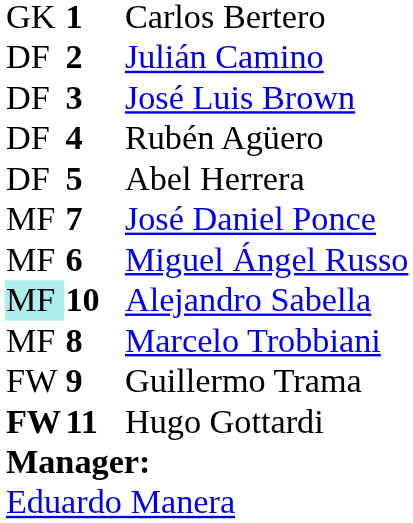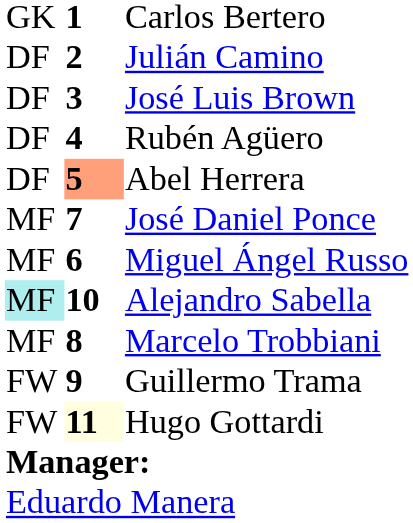 <table style="font-size:90%; margin:0.2em auto;" cellspacing="0" cellpadding="0">
 <tr>
 <th width="25"></th>
 <th width="25"></th>
 </tr>
 <tr>
 <td>GK</td>
 <td><strong>1</strong></td>
 <td> Carlos Bertero</td>
 </tr>
 <tr>
 <td>DF</td>
 <td><strong>2</strong></td>
 <td> <a href='#'>Julián Camino</a></td>
 </tr>
 <tr>
 <td>DF</td>
 <td><strong>3</strong></td>
 <td> <a href='#'>José Luis Brown</a></td>
 </tr>
 <tr>
 <td>DF</td>
 <td><strong>4</strong></td>
 <td> Rubén Agüero</td>
 </tr>
 <tr>
 <td>DF</td>
-<td><strong>5</strong></td>
+<td style="background: lightsalmon;"><strong>5</strong></td>
 <td> Abel Herrera</td>
 </tr>
 <tr>
 <td>MF</td>
 <td><strong>7</strong></td>
 <td> <a href='#'>José Daniel Ponce</a></td>
 </tr>
 <tr>
 <td>MF</td>
 <td><strong>6</strong></td>
 <td> <a href='#'>Miguel Ángel Russo</a></td>
 </tr>
 <tr>
 <td style="background: paleturquoise;">MF</td>
 <td><strong>10</strong></td>
 <td> <a href='#'>Alejandro Sabella</a></td>
 </tr>
 <tr>
 <td>MF</td>
 <td><strong>8</strong></td>
 <td> <a href='#'>Marcelo Trobbiani</a></td>
 </tr>
 <tr>
 <td>FW</td>
 <td><strong>9</strong></td>
 <td> Guillermo Trama</td>
 </tr>
 <tr>
-<td><strong>FW</strong></td>
-<td><strong>11</strong></td>
+<td>FW</td>
+<td style="background: lightyellow;"><strong>11</strong></td>
 <td> Hugo Gottardi</td>
 </tr>
 <tr>
 <td colspan=3><strong>Manager:</strong></td>
 </tr>
 <tr>
 <td colspan=4> <a href='#'>Eduardo Manera</a></td>
 </tr>
 </table>
